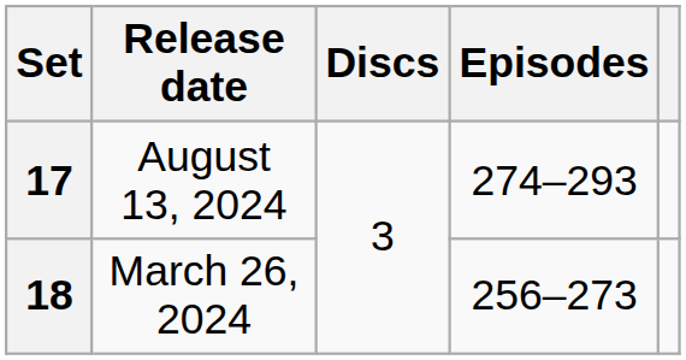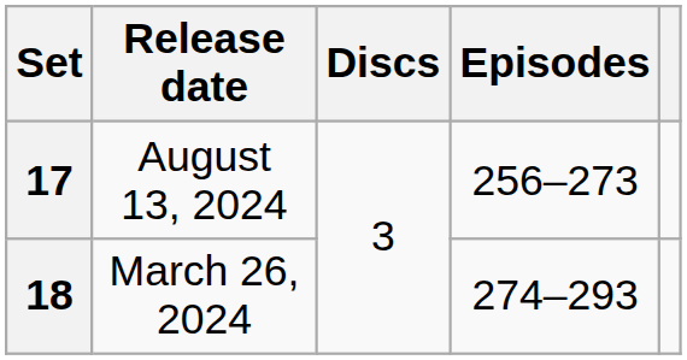 <table class="wikitable" style="text-align: center; width: 20%;">
 <tr>
 <th scope="col" 175px;>Set</th>
 <th scope="col" 125px;>Release date</th>
 <th scope="col">Discs</th>
 <th scope="col">Episodes</th>
 <th scope="col"></th>
 </tr>
 <tr>
 <th scope="row">17</th>
 <td>August 13, 2024</td>
 <td rowspan="2">3</td>
-<td>274–293</td>
+<td>256–273</td>
 <td></td>
 </tr>
 <tr>
 <th scope="row">18</th>
 <td>March 26, 2024</td>
-<td>256–273</td>
+<td>274–293</td>
 <td></td>
 </tr>
 </table>
